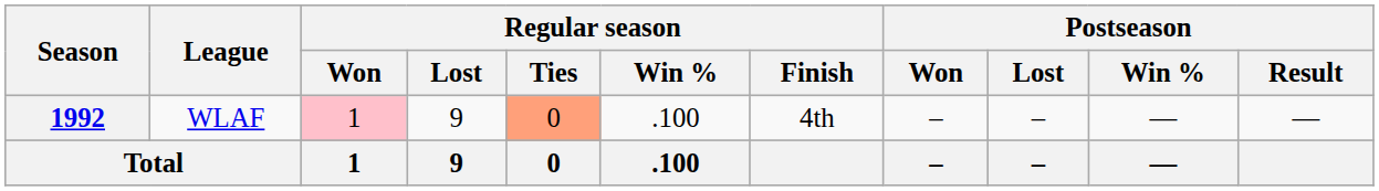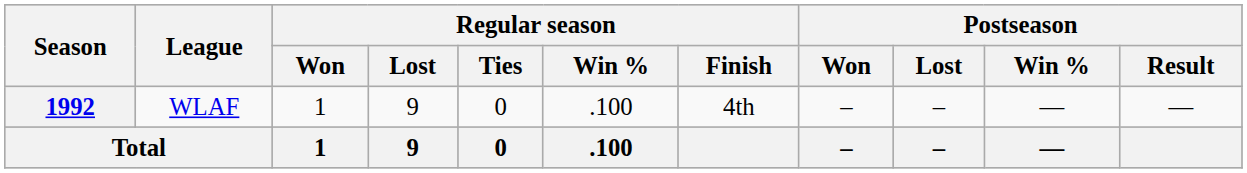 <table class="wikitable" style="font-size:95%; text-align:center; width:50em">
 <tr>
 <th rowspan="2">Season</th>
 <th rowspan="2">League</th>
 <th colspan="5">Regular season</th>
 <th colspan="4">Postseason</th>
 </tr>
 <tr>
 <th>Won</th>
 <th>Lost</th>
 <th>Ties</th>
 <th>Win %</th>
 <th>Finish</th>
 <th>Won</th>
 <th>Lost</th>
 <th>Win %</th>
 <th>Result</th>
 </tr>
 <tr>
 <th><a href='#'>1992</a></th>
 <td><a href='#'>WLAF</a></td>
-<td style="background: pink;">1</td>
+<td>1</td>
 <td>9</td>
-<td style="background: lightsalmon;">0</td>
+<td>0</td>
 <td>.100</td>
 <td>4th </td>
 <td>–</td>
 <td>–</td>
 <td>—</td>
 <td>—</td>
 </tr>
 <tr>
 <th colspan="2">Total</th>
 <th>1</th>
 <th>9</th>
 <th>0</th>
 <th>.100</th>
 <th></th>
 <th>–</th>
 <th>–</th>
 <th>—</th>
 <th></th>
 </tr>
 </table>
